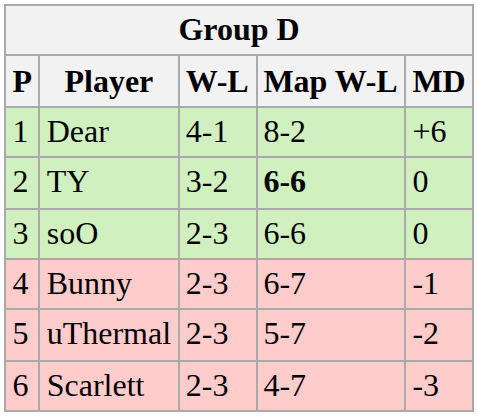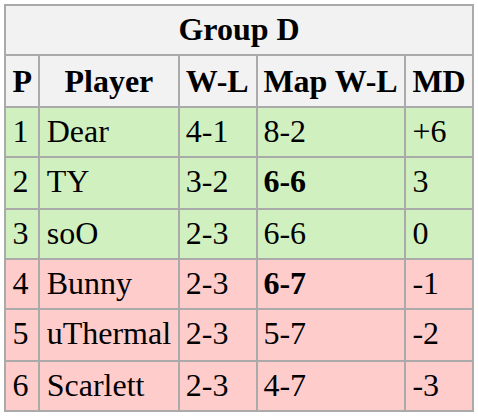 <table class="wikitable" style="display: inline-table;">
 <tr>
 <th colspan="5">Group D</th>
 </tr>
 <tr>
 <th>P</th>
 <th>Player</th>
 <th>W-L</th>
 <th>Map W-L</th>
 <th>MD</th>
 </tr>
 <tr style="background: #D0F0C0;">
 <td>1</td>
 <td>Dear</td>
 <td>4-1</td>
 <td>8-2</td>
 <td>+6</td>
 </tr>
 <tr style="background: #D0F0C0;">
 <td>2</td>
 <td>TY</td>
 <td>3-2</td>
 <td><strong>6-6</strong></td>
-<td>0</td>
+<td>3</td>
 </tr>
 <tr style="background: #D0F0C0;">
 <td>3</td>
 <td>soO</td>
 <td>2-3</td>
 <td>6-6</td>
 <td>0</td>
 </tr>
 <tr style="background: #FFCCCC;">
 <td>4</td>
 <td>Bunny</td>
 <td>2-3</td>
-<td>6-7</td>
+<td><strong>6-7</strong></td>
 <td>-1</td>
 </tr>
 <tr style="background: #FFCCCC;">
 <td>5</td>
 <td>uThermal</td>
 <td>2-3</td>
 <td>5-7</td>
 <td>-2</td>
 </tr>
 <tr style="background: #FFCCCC;">
 <td>6</td>
 <td>Scarlett</td>
 <td>2-3</td>
 <td>4-7</td>
 <td>-3</td>
 </tr>
 </table>
